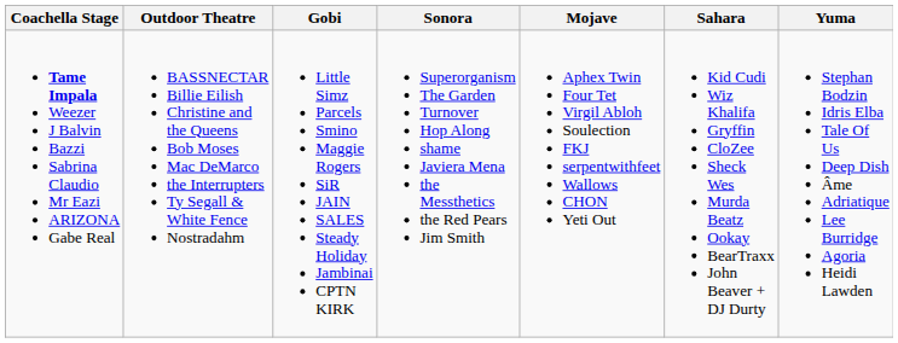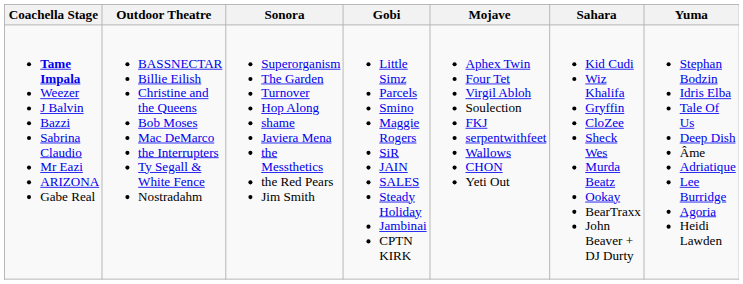 <table class="wikitable">
 <tr>
 <th>Coachella Stage</th>
 <th>Outdoor Theatre</th>
+<th>Sonora</th>
 <th>Gobi</th>
-<th>Sonora</th>
 <th>Mojave</th>
 <th>Sahara</th>
 <th>Yuma</th>
 </tr>
 <tr valign="top">
 <td><br><ul><li><strong><a href='#'>Tame Impala</a></strong></li><li><a href='#'>Weezer</a></li><li><a href='#'>J Balvin</a></li><li><a href='#'>Bazzi</a></li><li><a href='#'>Sabrina Claudio</a></li><li><a href='#'>Mr Eazi</a></li><li><a href='#'>ARIZONA</a></li><li>Gabe Real</li></ul></td>
 <td><br><ul><li><a href='#'>BASSNECTAR</a></li><li><a href='#'>Billie Eilish</a></li><li><a href='#'>Christine and the Queens</a></li><li><a href='#'>Bob Moses</a></li><li><a href='#'>Mac DeMarco</a></li><li><a href='#'>the Interrupters</a></li><li><a href='#'>Ty Segall & White Fence</a></li><li>Nostradahm</li></ul></td>
+<td><br><ul><li><a href='#'>Superorganism</a></li><li><a href='#'>The Garden</a></li><li><a href='#'>Turnover</a></li><li><a href='#'>Hop Along</a></li><li><a href='#'>shame</a></li><li><a href='#'>Javiera Mena</a></li><li><a href='#'>the Messthetics</a></li><li>the Red Pears</li><li>Jim Smith</li></ul></td>
 <td><br><ul><li><a href='#'>Little Simz</a></li><li><a href='#'>Parcels</a></li><li><a href='#'>Smino</a></li><li><a href='#'>Maggie Rogers</a></li><li><a href='#'>SiR</a></li><li><a href='#'>JAIN</a></li><li><a href='#'>SALES</a></li><li><a href='#'>Steady Holiday</a></li><li><a href='#'>Jambinai</a></li><li>CPTN KIRK</li></ul></td>
-<td><br><ul><li><a href='#'>Superorganism</a></li><li><a href='#'>The Garden</a></li><li><a href='#'>Turnover</a></li><li><a href='#'>Hop Along</a></li><li><a href='#'>shame</a></li><li><a href='#'>Javiera Mena</a></li><li><a href='#'>the Messthetics</a></li><li>the Red Pears</li><li>Jim Smith</li></ul></td>
 <td><br><ul><li><a href='#'>Aphex Twin</a></li><li><a href='#'>Four Tet</a></li><li><a href='#'>Virgil Abloh</a></li><li>Soulection</li><li><a href='#'>FKJ</a></li><li><a href='#'>serpentwithfeet</a></li><li><a href='#'>Wallows</a></li><li><a href='#'>CHON</a></li><li>Yeti Out</li></ul></td>
 <td><br><ul><li><a href='#'>Kid Cudi</a></li><li><a href='#'>Wiz Khalifa</a></li><li><a href='#'>Gryffin</a></li><li><a href='#'>CloZee</a></li><li><a href='#'>Sheck Wes</a></li><li><a href='#'>Murda Beatz</a></li><li><a href='#'>Ookay</a></li><li>BearTraxx</li><li>John Beaver + DJ Durty</li></ul></td>
 <td><br><ul><li><a href='#'>Stephan Bodzin</a></li><li><a href='#'>Idris Elba</a></li><li><a href='#'>Tale Of Us</a></li><li><a href='#'>Deep Dish</a></li><li>Âme</li><li><a href='#'>Adriatique</a></li><li><a href='#'>Lee Burridge</a></li><li><a href='#'>Agoria</a></li><li>Heidi Lawden</li></ul></td>
 </tr>
 </table>
